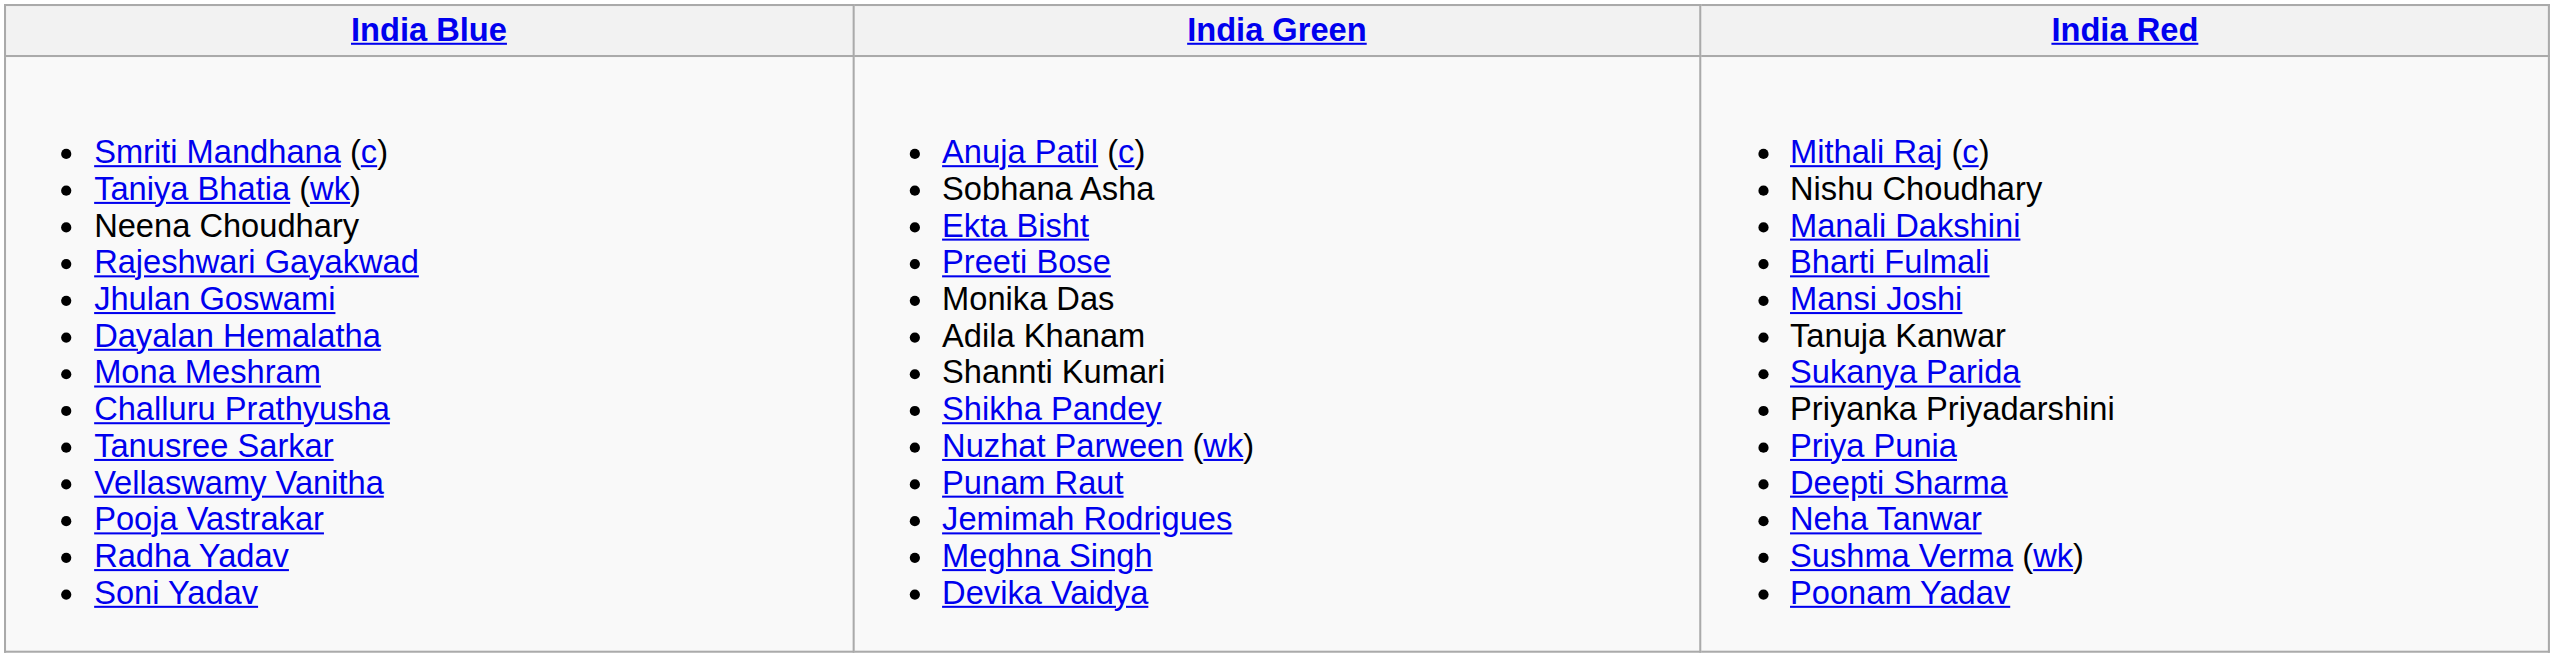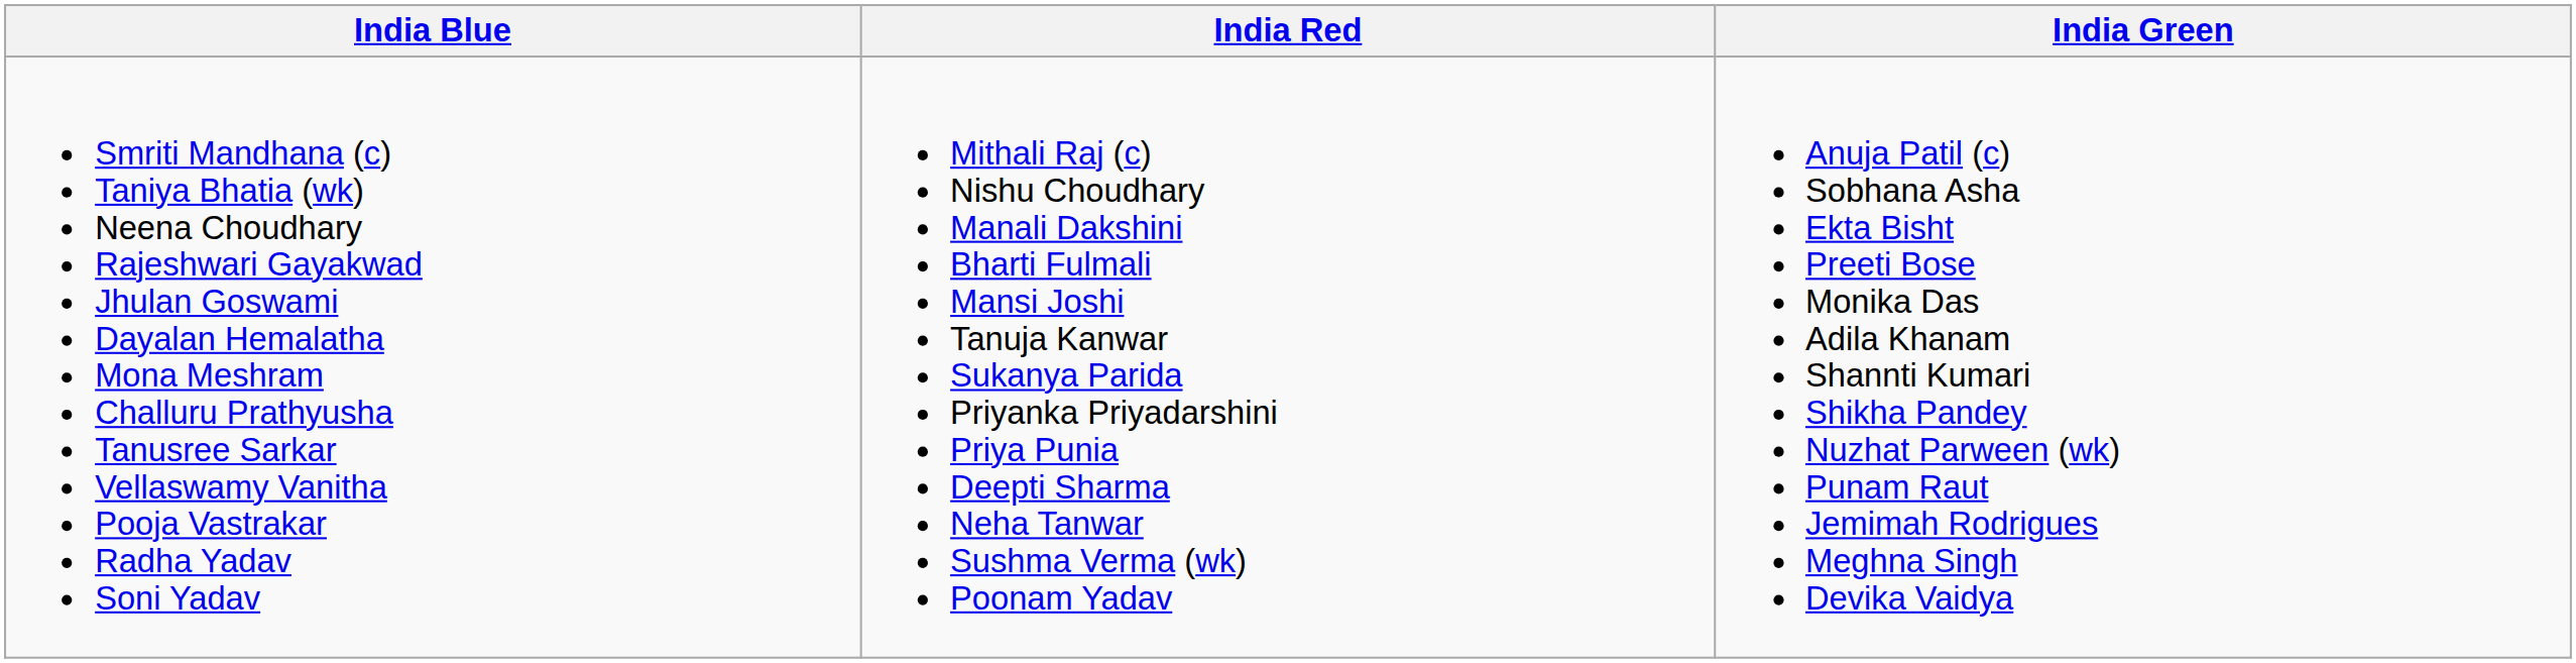 <table class="wikitable">
 <tr>
 <th style="width:15%;"><a href='#'>India Blue</a></th>
+<th style="width:15%;"><a href='#'>India Red</a></th>
 <th style="width:15%;"><a href='#'>India Green</a></th>
-<th style="width:15%;"><a href='#'>India Red</a></th>
 </tr>
 <tr style="vertical-align:top">
 <td><br><ul><li><a href='#'>Smriti Mandhana</a> (<a href='#'>c</a>)</li><li><a href='#'>Taniya Bhatia</a> (<a href='#'>wk</a>)</li><li>Neena Choudhary</li><li><a href='#'>Rajeshwari Gayakwad</a></li><li><a href='#'>Jhulan Goswami</a></li><li><a href='#'>Dayalan Hemalatha</a></li><li><a href='#'>Mona Meshram</a></li><li><a href='#'>Challuru Prathyusha</a></li><li><a href='#'>Tanusree Sarkar</a></li><li><a href='#'>Vellaswamy Vanitha</a></li><li><a href='#'>Pooja Vastrakar</a></li><li><a href='#'>Radha Yadav</a></li><li><a href='#'>Soni Yadav</a></li></ul></td>
+<td><br><ul><li><a href='#'>Mithali Raj</a> (<a href='#'>c</a>)</li><li>Nishu Choudhary</li><li><a href='#'>Manali Dakshini</a></li><li><a href='#'>Bharti Fulmali</a></li><li><a href='#'>Mansi Joshi</a></li><li>Tanuja Kanwar</li><li><a href='#'>Sukanya Parida</a></li><li>Priyanka Priyadarshini</li><li><a href='#'>Priya Punia</a></li><li><a href='#'>Deepti Sharma</a></li><li><a href='#'>Neha Tanwar</a></li><li><a href='#'>Sushma Verma</a> (<a href='#'>wk</a>)</li><li><a href='#'>Poonam Yadav</a></li></ul></td>
 <td><br><ul><li><a href='#'>Anuja Patil</a> (<a href='#'>c</a>)</li><li>Sobhana Asha</li><li><a href='#'>Ekta Bisht</a></li><li><a href='#'>Preeti Bose</a></li><li>Monika Das</li><li>Adila Khanam</li><li>Shannti Kumari</li><li><a href='#'>Shikha Pandey</a></li><li><a href='#'>Nuzhat Parween</a> (<a href='#'>wk</a>)</li><li><a href='#'>Punam Raut</a></li><li><a href='#'>Jemimah Rodrigues</a></li><li><a href='#'>Meghna Singh</a></li><li><a href='#'>Devika Vaidya</a></li></ul></td>
-<td><br><ul><li><a href='#'>Mithali Raj</a> (<a href='#'>c</a>)</li><li>Nishu Choudhary</li><li><a href='#'>Manali Dakshini</a></li><li><a href='#'>Bharti Fulmali</a></li><li><a href='#'>Mansi Joshi</a></li><li>Tanuja Kanwar</li><li><a href='#'>Sukanya Parida</a></li><li>Priyanka Priyadarshini</li><li><a href='#'>Priya Punia</a></li><li><a href='#'>Deepti Sharma</a></li><li><a href='#'>Neha Tanwar</a></li><li><a href='#'>Sushma Verma</a> (<a href='#'>wk</a>)</li><li><a href='#'>Poonam Yadav</a></li></ul></td>
 </tr>
 </table>
